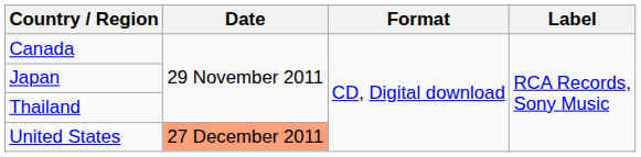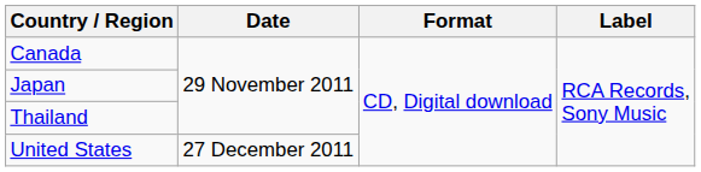 <table class="wikitable">
 <tr>
 <th>Country / Region</th>
 <th>Date</th>
 <th>Format</th>
 <th>Label</th>
 </tr>
 <tr>
 <td><a href='#'>Canada</a></td>
 <td rowspan=3>29 November 2011</td>
 <td rowspan=4><a href='#'>CD</a>, <a href='#'>Digital download</a></td>
 <td rowspan=4><a href='#'>RCA Records</a>,<br><a href='#'>Sony Music</a></td>
 </tr>
 <tr>
 <td><a href='#'>Japan</a></td>
 </tr>
 <tr>
 <td><a href='#'>Thailand</a></td>
 </tr>
 <tr>
 <td><a href='#'>United States</a></td>
-<td style="background: lightsalmon;">27 December 2011</td>
+<td>27 December 2011</td>
 </tr>
 </table>
